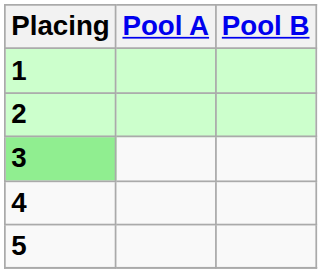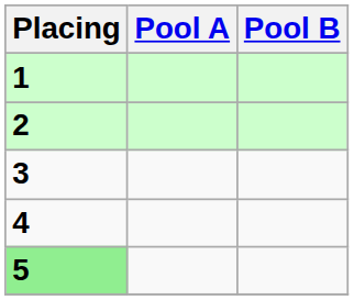 <table class=wikitable style="border:1px solid #AAAAAA;">
 <tr>
 <th>Placing</th>
 <th><a href='#'>Pool A</a></th>
 <th><a href='#'>Pool B</a></th>
 </tr>
 <tr style="background: #ccffcc;">
 <td><strong>1</strong></td>
 <td></td>
 <td></td>
 </tr>
 <tr style="background: #ccffcc;">
 <td><strong>2</strong></td>
 <td></td>
 <td></td>
 </tr>
 <tr>
-<td style="background: lightgreen;"><strong>3</strong></td>
+<td><strong>3</strong></td>
 <td></td>
 <td></td>
 </tr>
 <tr>
 <td><strong>4</strong></td>
 <td></td>
 <td></td>
 </tr>
 <tr>
-<td><strong>5</strong></td>
+<td style="background: lightgreen;"><strong>5</strong></td>
 <td></td>
 <td></td>
 </tr>
 <tr>
 </tr>
 </table>
